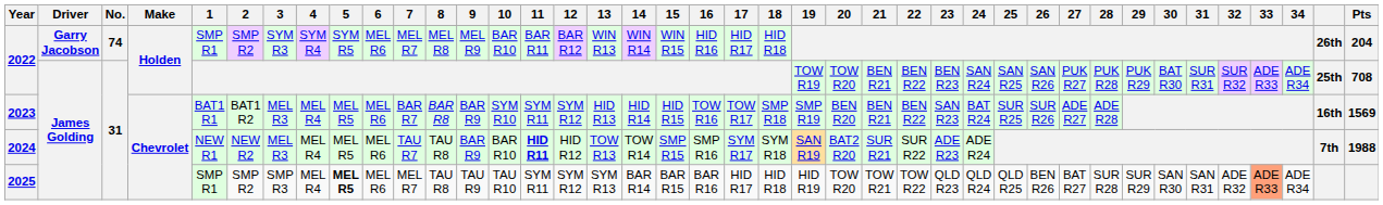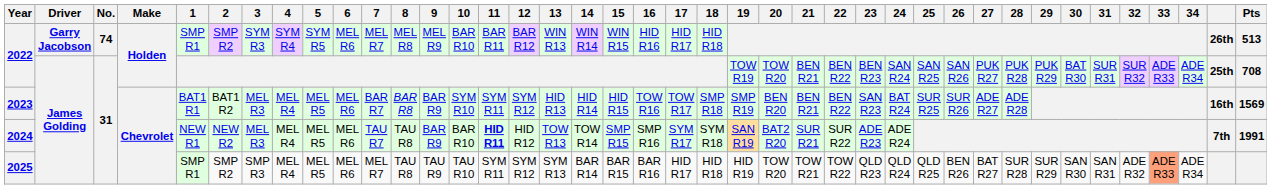 <table class="wikitable mw-collapsible mw-collapsed" style="text-align:center; font-size:75%">
 <tr>
 <th>Year</th>
 <th>Driver</th>
 <th>No.</th>
 <th>Make</th>
 <th>1</th>
 <th>2</th>
 <th>3</th>
 <th>4</th>
 <th>5</th>
 <th>6</th>
 <th>7</th>
 <th>8</th>
 <th>9</th>
 <th>10</th>
 <th>11</th>
 <th>12</th>
 <th>13</th>
 <th>14</th>
 <th>15</th>
 <th>16</th>
 <th>17</th>
 <th>18</th>
 <th>19</th>
 <th>20</th>
 <th>21</th>
 <th>22</th>
 <th>23</th>
 <th>24</th>
 <th>25</th>
 <th>26</th>
 <th>27</th>
 <th>28</th>
 <th>29</th>
 <th>30</th>
 <th>31</th>
 <th>32</th>
 <th>33</th>
 <th>34</th>
 <th></th>
 <th>Pts</th>
 </tr>
 <tr>
 <th rowspan=2><a href='#'>2022</a></th>
 <th><a href='#'>Garry Jacobson</a></th>
 <th>74</th>
 <th rowspan=2><a href='#'>Holden</a></th>
 <td style="background: #dfffdf"><a href='#'>SMP<br>R1</a><br></td>
 <td style="background: #efcfff"><a href='#'>SMP<br>R2</a><br></td>
 <td style="background: #dfffdf"><a href='#'>SYM<br>R3</a><br></td>
 <td style="background: #efcfff"><a href='#'>SYM<br>R4</a><br></td>
 <td style="background: #dfffdf"><a href='#'>SYM<br>R5</a><br></td>
 <td style="background: #dfffdf"><a href='#'>MEL<br>R6</a><br></td>
 <td style="background: #dfffdf"><a href='#'>MEL<br>R7</a><br></td>
 <td style="background: #dfffdf"><a href='#'>MEL<br>R8</a><br></td>
 <td style="background: #dfffdf"><a href='#'>MEL<br>R9</a><br></td>
 <td style="background: #dfffdf"><a href='#'>BAR<br>R10</a><br></td>
 <td style="background: #dfffdf"><a href='#'>BAR<br>R11</a><br></td>
 <td style="background: #efcfff"><a href='#'>BAR<br>R12</a><br></td>
 <td style="background: #dfffdf"><a href='#'>WIN<br>R13</a><br></td>
 <td style="background: #efcfff"><a href='#'>WIN<br>R14</a><br></td>
 <td style="background: #dfffdf"><a href='#'>WIN<br>R15</a><br></td>
 <td style="background: #dfffdf"><a href='#'>HID<br>R16</a><br></td>
 <td style="background: #dfffdf"><a href='#'>HID<br>R17</a><br></td>
 <td style="background: #dfffdf"><a href='#'>HID<br>R18</a><br></td>
 <th colspan=16></th>
 <th>26th</th>
-<th>204</th>
+<th>513</th>
 </tr>
 <tr>
 <th rowspan=4><a href='#'>James Golding</a></th>
 <th rowspan=4>31</th>
 <th colspan=18></th>
 <td style="background: #dfffdf"><a href='#'>TOW<br>R19</a><br></td>
 <td style="background: #dfffdf"><a href='#'>TOW<br>R20</a><br></td>
 <td style="background: #dfffdf"><a href='#'>BEN<br>R21</a><br></td>
 <td style="background: #dfffdf"><a href='#'>BEN<br>R22</a><br></td>
 <td style="background: #dfffdf"><a href='#'>BEN<br>R23</a><br></td>
 <td style="background: #dfffdf"><a href='#'>SAN<br>R24</a><br></td>
 <td style="background: #dfffdf"><a href='#'>SAN<br>R25</a><br></td>
 <td style="background: #dfffdf"><a href='#'>SAN<br>R26</a><br></td>
 <td style="background: #dfffdf"><a href='#'>PUK<br>R27</a><br></td>
 <td style="background: #dfffdf"><a href='#'>PUK<br>R28</a><br></td>
 <td style="background: #dfffdf"><a href='#'>PUK<br>R29</a><br></td>
 <td style="background: #dfffdf"><a href='#'>BAT<br>R30</a><br></td>
 <td style="background: #dfffdf"><a href='#'>SUR<br>R31</a><br></td>
 <td style="background: #efcfff"><a href='#'>SUR<br>R32</a><br></td>
 <td style="background: #efcfff"><a href='#'>ADE<br>R33</a><br></td>
 <td style="background: #dfffdf"><a href='#'>ADE<br>R34</a><br></td>
 <th>25th</th>
 <th>708</th>
 </tr>
 <tr>
 <th><a href='#'>2023</a></th>
 <th rowspan=3><a href='#'>Chevrolet</a></th>
 <td style=background:#dfffdf><a href='#'>BAT1<br>R1</a><br></td>
 <td style=background:#dfffdf>BAT1<br>R2<br></td>
 <td style="background:#dfffdf"><a href='#'>MEL<br>R3</a><br></td>
 <td style="background:#dfffdf"><a href='#'>MEL<br>R4</a><br></td>
 <td style="background:#dfffdf"><a href='#'>MEL<br>R5</a><br></td>
 <td style="background:#dfffdf"><a href='#'>MEL<br>R6</a><br></td>
 <td style="background:#dfffdf"><a href='#'>BAR<br>R7</a><br></td>
 <td style="background:#dfffdf"><em><a href='#'>BAR<br>R8</a><br></em></td>
 <td style="background:#dfffdf"><a href='#'>BAR<br>R9</a><br></td>
 <td style="background:#dfffdf"><a href='#'>SYM<br>R10</a><br></td>
 <td style="background:#dfffdf"><a href='#'>SYM<br>R11</a><br></td>
 <td style="background:#dfffdf"><a href='#'>SYM<br>R12</a><br></td>
 <td style="background:#dfffdf"><a href='#'>HID<br>R13</a><br></td>
 <td style="background:#dfffdf"><a href='#'>HID<br>R14</a><br></td>
 <td style="background:#dfffdf"><a href='#'>HID<br>R15</a><br></td>
 <td style="background:#dfffdf"><a href='#'>TOW<br>R16</a><br></td>
 <td style="background:#dfffdf"><a href='#'>TOW<br>R17</a><br></td>
 <td style="background:#dfffdf"><a href='#'>SMP<br>R18</a><br></td>
 <td style="background:#dfffdf"><a href='#'>SMP<br>R19</a><br></td>
 <td style="background:#dfffdf"><a href='#'>BEN<br>R20</a><br></td>
 <td style="background:#dfffdf"><a href='#'>BEN<br>R21</a><br></td>
 <td style="background:#dfffdf"><a href='#'>BEN<br>R22</a><br></td>
 <td style="background:#dfffdf"><a href='#'>SAN<br>R23</a><br></td>
 <td style="background:#dfffdf"><a href='#'>BAT<br>R24</a><br></td>
 <td style="background:#dfffdf"><a href='#'>SUR<br>R25</a><br></td>
 <td style="background:#dfffdf"><a href='#'>SUR<br>R26</a><br></td>
 <td style="background:#dfffdf"><a href='#'>ADE<br>R27</a><br></td>
 <td style="background:#dfffdf"><a href='#'>ADE<br>R28</a><br></td>
 <th colspan=6></th>
 <th>16th</th>
 <th>1569</th>
 </tr>
 <tr>
 <th><a href='#'>2024</a></th>
 <td style="background:#dfffdf"><a href='#'>NEW<br>R1</a><br></td>
 <td style="background:#dfffdf"><a href='#'>NEW<br>R2</a><br></td>
 <td style=background:#dfffdf><a href='#'>MEL<br>R3</a><br></td>
 <td style=background:#dfffdf>MEL<br>R4<br></td>
 <td style=background:#dfffdf>MEL<br>R5<br></td>
 <td style=background:#dfffdf>MEL<br>R6<br></td>
 <td style=background:#dfffdf><a href='#'>TAU<br>R7</a><br></td>
 <td style=background:#dfffdf>TAU<br>R8<br></td>
 <td style=background:#dfffdf><a href='#'>BAR<br>R9</a><br></td>
 <td style=background:#dfffdf>BAR<br>R10<br></td>
 <td style=background:#dfffdf><strong><a href='#'>HID<br>R11</a><br></strong></td>
 <td style=background:#dfffdf>HID<br>R12<br></td>
 <td style=background:#dfffdf><a href='#'>TOW<br>R13</a><br></td>
 <td style=background:#dfffdf>TOW<br>R14<br></td>
 <td style=background:#dfffdf><a href='#'>SMP<br>R15</a><br></td>
 <td style=background:#dfffdf>SMP<br>R16<br></td>
 <td style=background:#dfffdf><a href='#'>SYM<br>R17</a><br></td>
 <td style=background:#dfffdf>SYM<br>R18<br></td>
 <td style=background:#ffdf9f><a href='#'>SAN<br>R19</a><br></td>
 <td style=background:#dfffdf><a href='#'>BAT2<br>R20</a><br></td>
 <td style=background:#dfffdf><a href='#'>SUR<br>R21</a><br></td>
 <td style=background:#dfffdf>SUR<br>R22<br></td>
 <td style=background:#dfffdf><a href='#'>ADE<br>R23</a><br></td>
 <td style=background:#dfffdf>ADE<br>R24<br></td>
 <th colspan=10></th>
 <th>7th</th>
-<th>1988</th>
+<th>1991</th>
 </tr>
 <tr>
 <th><a href='#'>2025</a></th>
 <td style=background:#dfffdf>SMP<br>R1<br></td>
 <td>SMP<br>R2<br></td>
 <td>SMP<br>R3<br></td>
 <td>MEL<br>R4<br></td>
-<td><strong>MEL<br>R5<br></strong></td>
+<td>MEL<br>R5<br></td>
 <td>MEL<br>R6<br></td>
 <td>MEL<br>R7<br></td>
 <td>TAU<br>R8<br></td>
 <td>TAU<br>R9<br></td>
 <td>TAU<br>R10<br></td>
 <td>SYM<br>R11<br></td>
 <td>SYM<br>R12<br></td>
 <td>SYM<br>R13<br></td>
 <td>BAR<br>R14<br></td>
 <td>BAR<br>R15<br></td>
 <td>BAR<br>R16<br></td>
 <td>HID<br>R17<br></td>
 <td>HID<br>R18<br></td>
 <td>HID<br>R19<br></td>
 <td>TOW<br>R20<br></td>
 <td>TOW<br>R21<br></td>
 <td>TOW<br>R22<br></td>
 <td>QLD<br>R23<br></td>
 <td>QLD<br>R24<br></td>
 <td>QLD<br>R25<br></td>
 <td>BEN<br>R26<br></td>
 <td>BAT<br>R27<br></td>
 <td>SUR<br>R28<br></td>
 <td>SUR<br>R29<br></td>
 <td>SAN<br>R30<br></td>
 <td>SAN<br>R31<br></td>
 <td>ADE<br>R32<br></td>
 <td style="background: lightsalmon;">ADE<br>R33<br></td>
 <td>ADE<br>R34<br></td>
 <th></th>
 <th></th>
 </tr>
 </table>
